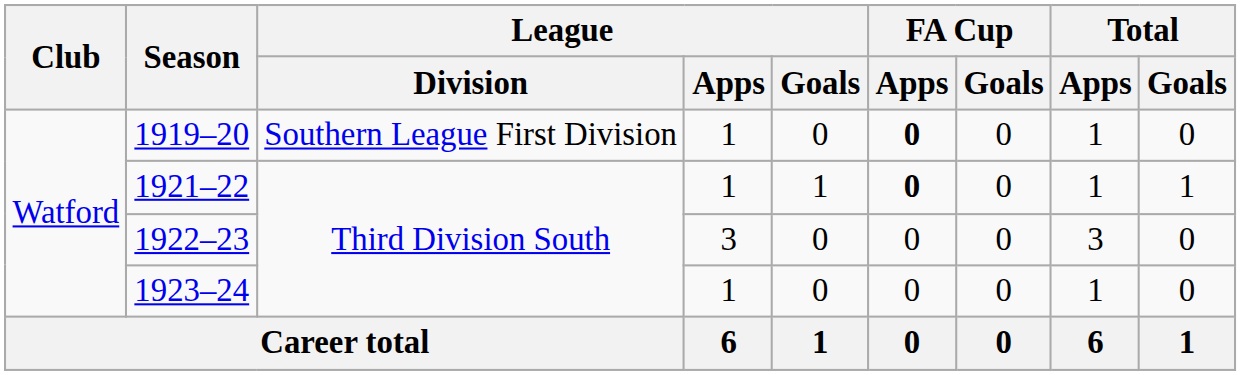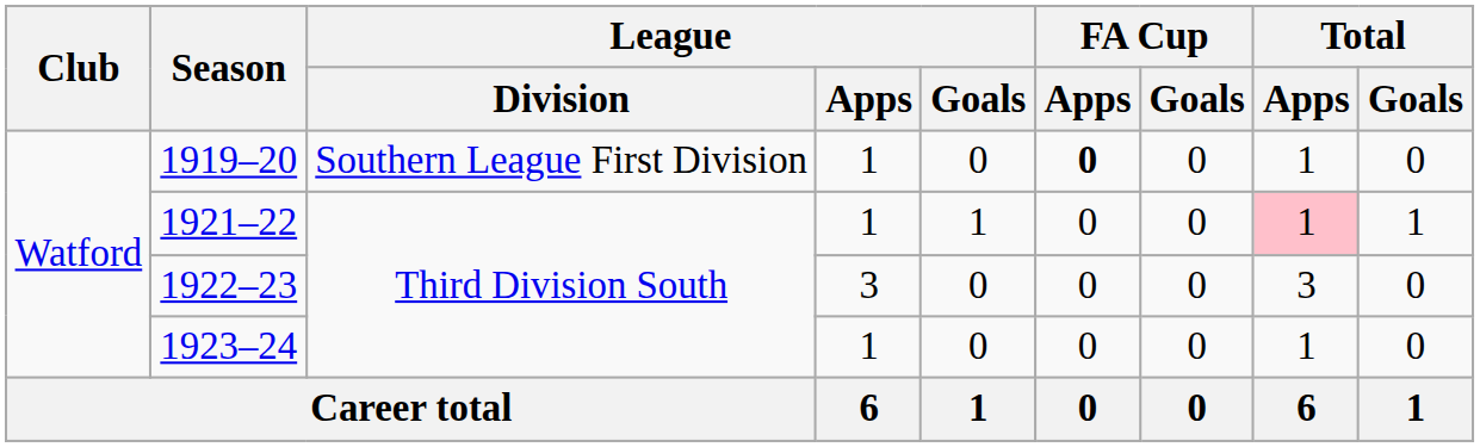 <table class="wikitable" style="text-align: center;">
 <tr>
 <th rowspan="2">Club</th>
 <th rowspan="2">Season</th>
 <th colspan="3">League</th>
 <th colspan="2">FA Cup</th>
 <th colspan="2">Total</th>
 </tr>
 <tr>
 <th>Division</th>
 <th>Apps</th>
 <th>Goals</th>
 <th>Apps</th>
 <th>Goals</th>
 <th>Apps</th>
 <th>Goals</th>
 </tr>
 <tr>
 <td rowspan="4"><a href='#'>Watford</a></td>
 <td><a href='#'>1919–20</a></td>
 <td><a href='#'>Southern League</a> First Division</td>
 <td>1</td>
 <td>0</td>
 <td><strong>0</strong></td>
 <td>0</td>
 <td>1</td>
 <td>0</td>
 </tr>
 <tr>
 <td><a href='#'>1921–22</a></td>
 <td rowspan="3"><a href='#'>Third Division South</a></td>
 <td>1</td>
 <td>1</td>
-<td><strong>0</strong></td>
 <td>0</td>
-<td>1</td>
+<td>0</td>
+<td style="background: pink;">1</td>
 <td>1</td>
 </tr>
 <tr>
 <td><a href='#'>1922–23</a></td>
 <td>3</td>
 <td>0</td>
 <td>0</td>
 <td>0</td>
 <td>3</td>
 <td>0</td>
 </tr>
 <tr>
 <td><a href='#'>1923–24</a></td>
 <td>1</td>
 <td>0</td>
 <td>0</td>
 <td>0</td>
 <td>1</td>
 <td>0</td>
 </tr>
 <tr>
 <th colspan="3">Career total</th>
 <th>6</th>
 <th>1</th>
 <th>0</th>
 <th>0</th>
 <th>6</th>
 <th>1</th>
 </tr>
 </table>
